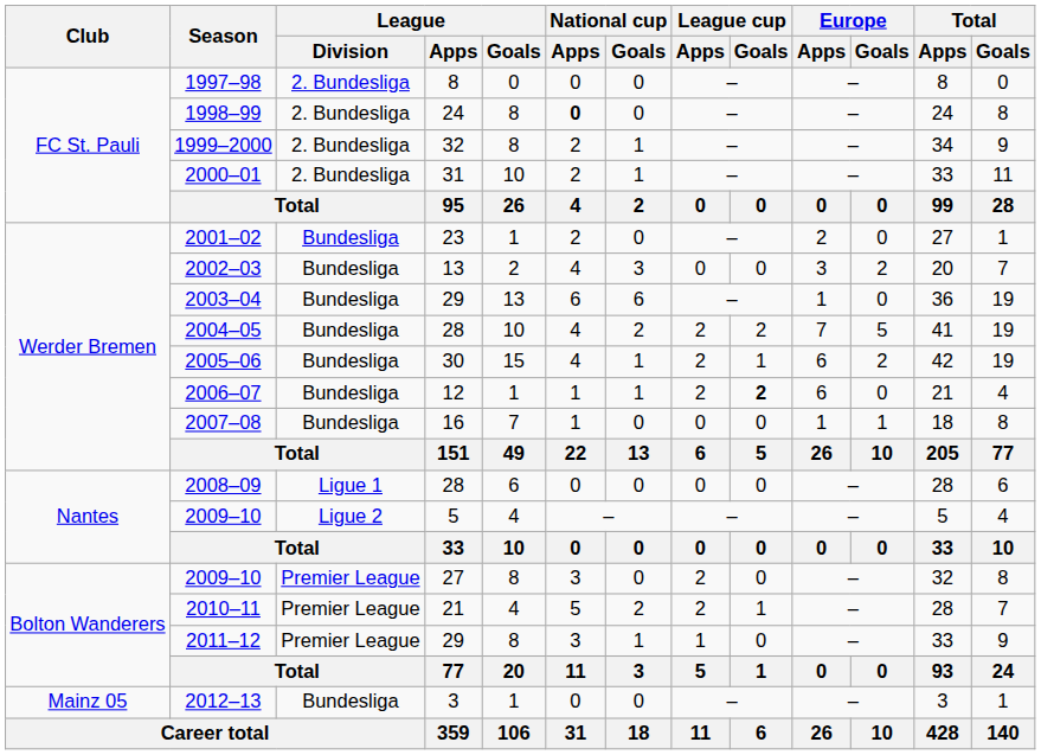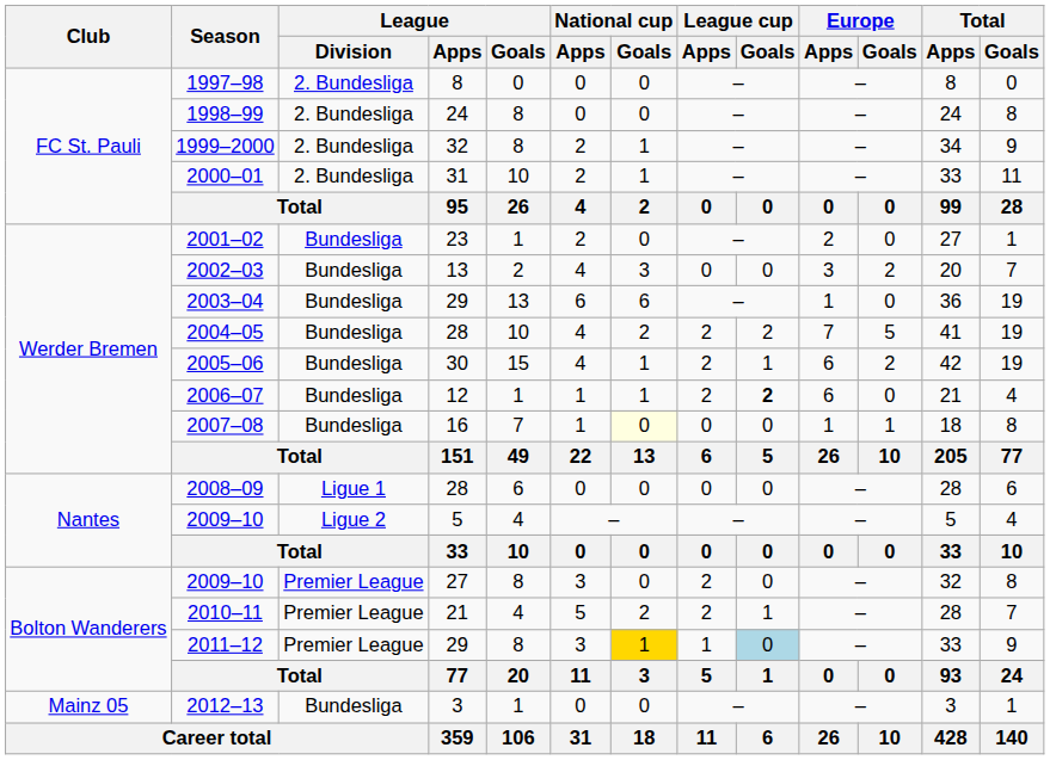 <table class="wikitable" style="text-align:center">
 <tr>
 <th rowspan="2">Club</th>
 <th rowspan="2">Season</th>
 <th colspan="3">League</th>
 <th colspan="2">National cup</th>
 <th colspan="2">League cup</th>
 <th colspan="2"><a href='#'>Europe</a></th>
 <th colspan="2">Total</th>
 </tr>
 <tr>
 <th>Division</th>
 <th>Apps</th>
 <th>Goals</th>
 <th>Apps</th>
 <th>Goals</th>
 <th>Apps</th>
 <th>Goals</th>
 <th>Apps</th>
 <th>Goals</th>
 <th>Apps</th>
 <th>Goals</th>
 </tr>
 <tr>
 <td rowspan="5"><a href='#'>FC St. Pauli</a></td>
 <td><a href='#'>1997–98</a></td>
 <td><a href='#'>2. Bundesliga</a></td>
 <td>8</td>
 <td>0</td>
 <td>0</td>
 <td>0</td>
 <td colspan="2">–</td>
 <td colspan="2">–</td>
 <td>8</td>
 <td>0</td>
 </tr>
 <tr>
 <td><a href='#'>1998–99</a></td>
 <td>2. Bundesliga</td>
 <td>24</td>
 <td>8</td>
-<td><strong>0</strong></td>
+<td>0</td>
 <td>0</td>
 <td colspan="2">–</td>
 <td colspan="2">–</td>
 <td>24</td>
 <td>8</td>
 </tr>
 <tr>
 <td><a href='#'>1999–2000</a></td>
 <td>2. Bundesliga</td>
 <td>32</td>
 <td>8</td>
 <td>2</td>
 <td>1</td>
 <td colspan="2">–</td>
 <td colspan="2">–</td>
 <td>34</td>
 <td>9</td>
 </tr>
 <tr>
 <td><a href='#'>2000–01</a></td>
 <td>2. Bundesliga</td>
 <td>31</td>
 <td>10</td>
 <td>2</td>
 <td>1</td>
 <td colspan="2">–</td>
 <td colspan="2">–</td>
 <td>33</td>
 <td>11</td>
 </tr>
 <tr>
 <th colspan="2">Total</th>
 <th>95</th>
 <th>26</th>
 <th>4</th>
 <th>2</th>
 <th>0</th>
 <th>0</th>
 <th>0</th>
 <th>0</th>
 <th>99</th>
 <th>28</th>
 </tr>
 <tr>
 <td rowspan="8"><a href='#'>Werder Bremen</a></td>
 <td><a href='#'>2001–02</a></td>
 <td><a href='#'>Bundesliga</a></td>
 <td>23</td>
 <td>1</td>
 <td>2</td>
 <td>0</td>
 <td colspan="2">–</td>
 <td>2</td>
 <td>0</td>
 <td>27</td>
 <td>1</td>
 </tr>
 <tr>
 <td><a href='#'>2002–03</a></td>
 <td>Bundesliga</td>
 <td>13</td>
 <td>2</td>
 <td>4</td>
 <td>3</td>
 <td>0</td>
 <td>0</td>
 <td>3</td>
 <td>2</td>
 <td>20</td>
 <td>7</td>
 </tr>
 <tr>
 <td><a href='#'>2003–04</a></td>
 <td>Bundesliga</td>
 <td>29</td>
 <td>13</td>
 <td>6</td>
 <td>6</td>
 <td colspan="2">–</td>
 <td>1</td>
 <td>0</td>
 <td>36</td>
 <td>19</td>
 </tr>
 <tr>
 <td><a href='#'>2004–05</a></td>
 <td>Bundesliga</td>
 <td>28</td>
 <td>10</td>
 <td>4</td>
 <td>2</td>
 <td>2</td>
 <td>2</td>
 <td>7</td>
 <td>5</td>
 <td>41</td>
 <td>19</td>
 </tr>
 <tr>
 <td><a href='#'>2005–06</a></td>
 <td>Bundesliga</td>
 <td>30</td>
 <td>15</td>
 <td>4</td>
 <td>1</td>
 <td>2</td>
 <td>1</td>
 <td>6</td>
 <td>2</td>
 <td>42</td>
 <td>19</td>
 </tr>
 <tr>
 <td><a href='#'>2006–07</a></td>
 <td>Bundesliga</td>
 <td>12</td>
 <td>1</td>
 <td>1</td>
 <td>1</td>
 <td>2</td>
 <td><strong>2</strong></td>
 <td>6</td>
 <td>0</td>
 <td>21</td>
 <td>4</td>
 </tr>
 <tr>
 <td><a href='#'>2007–08</a></td>
 <td>Bundesliga</td>
 <td>16</td>
 <td>7</td>
 <td>1</td>
-<td>0</td>
+<td style="background: lightyellow;">0</td>
 <td>0</td>
 <td>0</td>
 <td>1</td>
 <td>1</td>
 <td>18</td>
 <td>8</td>
 </tr>
 <tr>
 <th colspan="2">Total</th>
 <th>151</th>
 <th>49</th>
 <th>22</th>
 <th>13</th>
 <th>6</th>
 <th>5</th>
 <th>26</th>
 <th>10</th>
 <th>205</th>
 <th>77</th>
 </tr>
 <tr>
 <td rowspan="3"><a href='#'>Nantes</a></td>
 <td><a href='#'>2008–09</a></td>
 <td><a href='#'>Ligue 1</a></td>
 <td>28</td>
 <td>6</td>
 <td>0</td>
 <td>0</td>
 <td>0</td>
 <td>0</td>
 <td colspan="2">–</td>
 <td>28</td>
 <td>6</td>
 </tr>
 <tr>
 <td><a href='#'>2009–10</a></td>
 <td><a href='#'>Ligue 2</a></td>
 <td>5</td>
 <td>4</td>
 <td colspan="2">–</td>
 <td colspan="2">–</td>
 <td colspan="2">–</td>
 <td>5</td>
 <td>4</td>
 </tr>
 <tr>
 <th colspan="2">Total</th>
 <th>33</th>
 <th>10</th>
 <th>0</th>
 <th>0</th>
 <th>0</th>
 <th>0</th>
 <th>0</th>
 <th>0</th>
 <th>33</th>
 <th>10</th>
 </tr>
 <tr>
 <td rowspan="4"><a href='#'>Bolton Wanderers</a></td>
 <td><a href='#'>2009–10</a></td>
 <td><a href='#'>Premier League</a></td>
 <td>27</td>
 <td>8</td>
 <td>3</td>
 <td>0</td>
 <td>2</td>
 <td>0</td>
 <td colspan="2">–</td>
 <td>32</td>
 <td>8</td>
 </tr>
 <tr>
 <td><a href='#'>2010–11</a></td>
 <td>Premier League</td>
 <td>21</td>
 <td>4</td>
 <td>5</td>
 <td>2</td>
 <td>2</td>
 <td>1</td>
 <td colspan="2">–</td>
 <td>28</td>
 <td>7</td>
 </tr>
 <tr>
 <td><a href='#'>2011–12</a></td>
 <td>Premier League</td>
 <td>29</td>
 <td>8</td>
 <td>3</td>
+<td style="background: gold;">1</td>
 <td>1</td>
-<td>1</td>
-<td>0</td>
+<td style="background: lightblue;">0</td>
 <td colspan="2">–</td>
 <td>33</td>
 <td>9</td>
 </tr>
 <tr>
 <th colspan="2">Total</th>
 <th>77</th>
 <th>20</th>
 <th>11</th>
 <th>3</th>
 <th>5</th>
 <th>1</th>
 <th>0</th>
 <th>0</th>
 <th>93</th>
 <th>24</th>
 </tr>
 <tr>
 <td><a href='#'>Mainz 05</a></td>
 <td><a href='#'>2012–13</a></td>
 <td>Bundesliga</td>
 <td>3</td>
 <td>1</td>
 <td>0</td>
 <td>0</td>
 <td colspan="2">–</td>
 <td colspan="2">–</td>
 <td>3</td>
 <td>1</td>
 </tr>
 <tr>
 <th colspan="3">Career total</th>
 <th>359</th>
 <th>106</th>
 <th>31</th>
 <th>18</th>
 <th>11</th>
 <th>6</th>
 <th>26</th>
 <th>10</th>
 <th>428</th>
 <th>140</th>
 </tr>
 </table>
